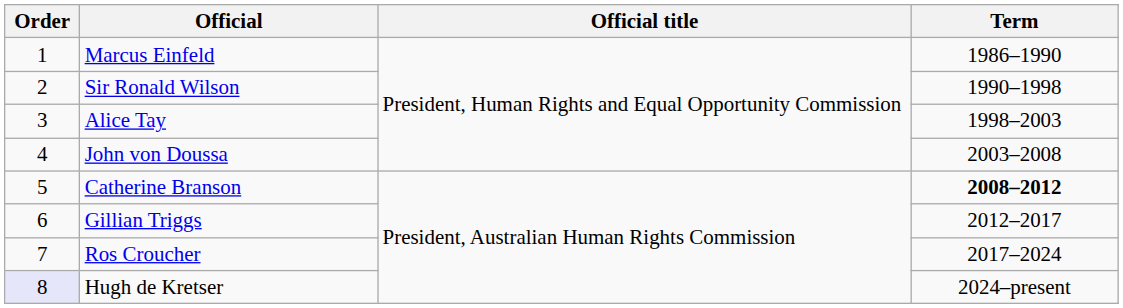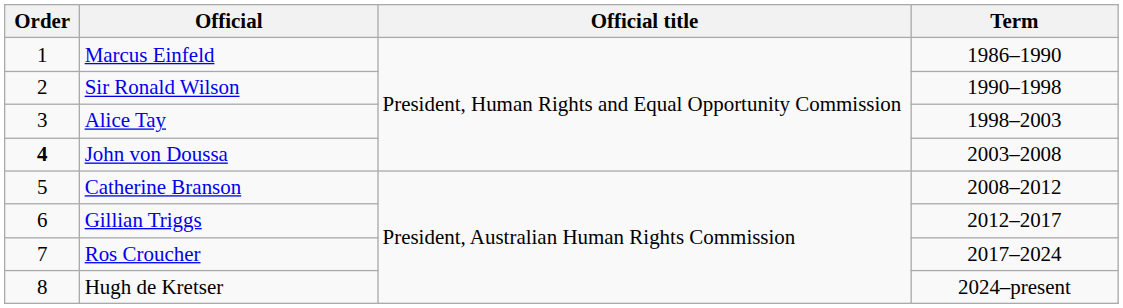 <table class="wikitable">
 <tr>
 <th width=50>Order</th>
 <th width=220>Official</th>
 <th width=400>Official title</th>
 <th width=150>Term</th>
 </tr>
 <tr>
 <td align=center>1</td>
 <td><a href='#'>Marcus Einfeld</a></td>
 <td rowspan=4>President, Human Rights and Equal Opportunity Commission</td>
 <td align=center>1986–1990</td>
 </tr>
 <tr>
 <td align=center>2</td>
 <td><a href='#'>Sir Ronald Wilson</a></td>
 <td align=center>1990–1998</td>
 </tr>
 <tr>
 <td align=center>3</td>
 <td><a href='#'>Alice Tay</a></td>
 <td align=center>1998–2003</td>
 </tr>
 <tr>
-<td align=center>4</td>
+<td align=center><strong>4</strong></td>
 <td><a href='#'>John von Doussa</a></td>
 <td align=center>2003–2008</td>
 </tr>
 <tr>
 <td align=center>5</td>
 <td><a href='#'>Catherine Branson</a></td>
 <td rowspan=4>President, Australian Human Rights Commission</td>
-<td align=center><strong>2008–2012</strong></td>
+<td align=center>2008–2012</td>
 </tr>
 <tr>
 <td align=center>6</td>
 <td><a href='#'>Gillian Triggs</a></td>
 <td align=center>2012–2017</td>
 </tr>
 <tr>
 <td align=center>7</td>
 <td><a href='#'>Ros Croucher</a></td>
 <td align=center>2017–2024</td>
 </tr>
 <tr>
-<td align=center style="background: lavender;">8</td>
+<td align=center>8</td>
 <td>Hugh de Kretser</td>
 <td align=center>2024–present</td>
 </tr>
 </table>
